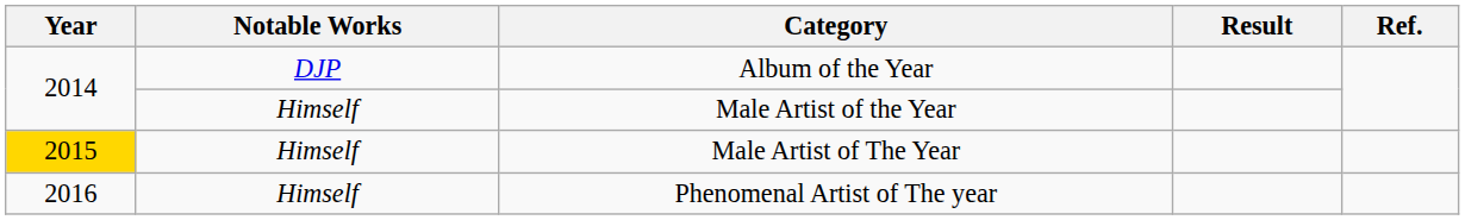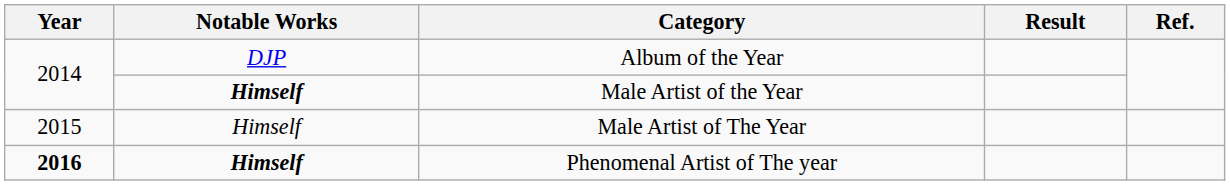 <table class="wikitable" style="text-align:center" width=70%>
 <tr>
 <th>Year</th>
 <th>Notable Works</th>
 <th>Category</th>
 <th>Result</th>
 <th>Ref.</th>
 </tr>
 <tr>
 <td rowspan=2>2014</td>
 <td><em><a href='#'>DJP</a></em></td>
 <td>Album of the Year</td>
 <td></td>
 <td rowspan=2></td>
 </tr>
 <tr>
-<td><em>Himself</em></td>
+<td><strong><em>Himself</em></strong></td>
 <td>Male Artist of the Year</td>
 <td></td>
 </tr>
 <tr>
-<td style="background: gold;">2015</td>
+<td>2015</td>
 <td><em>Himself</em></td>
 <td>Male Artist of The Year</td>
 <td></td>
 <td></td>
 </tr>
 <tr>
-<td>2016</td>
-<td><em>Himself</em></td>
+<td><strong>2016</strong></td>
+<td><strong><em>Himself</em></strong></td>
 <td>Phenomenal Artist of The year</td>
 <td></td>
 <td></td>
 </tr>
 </table>
